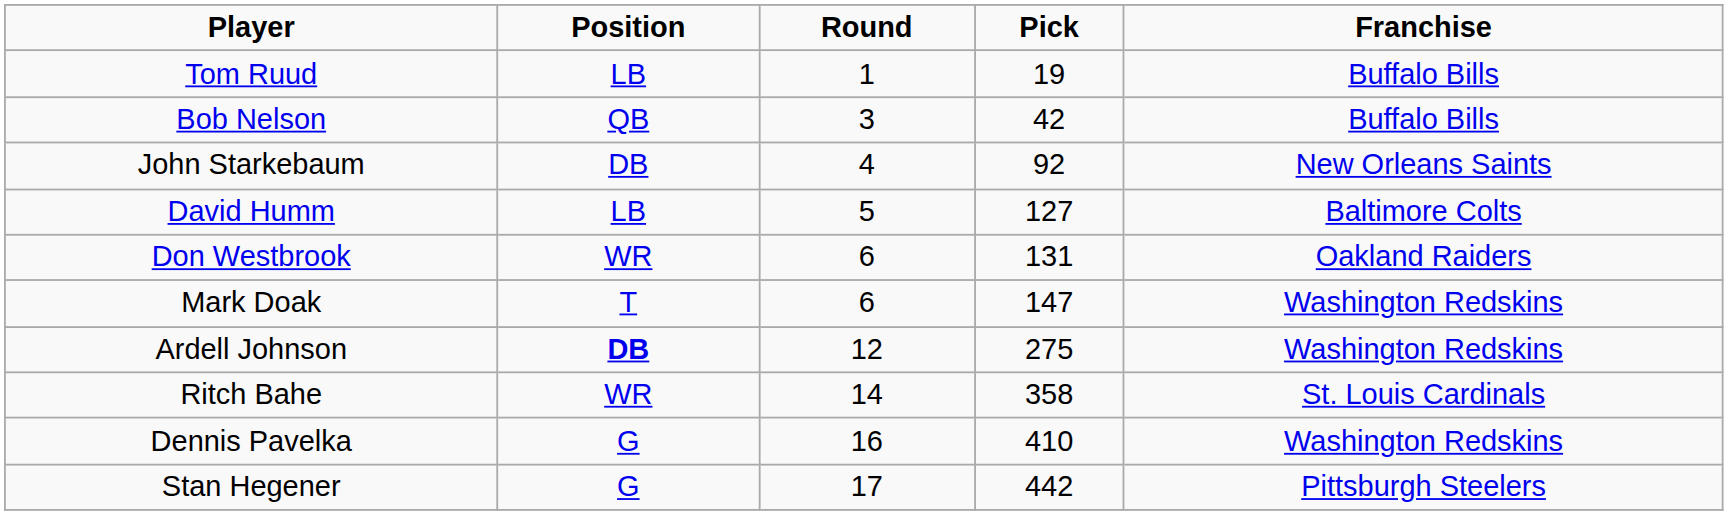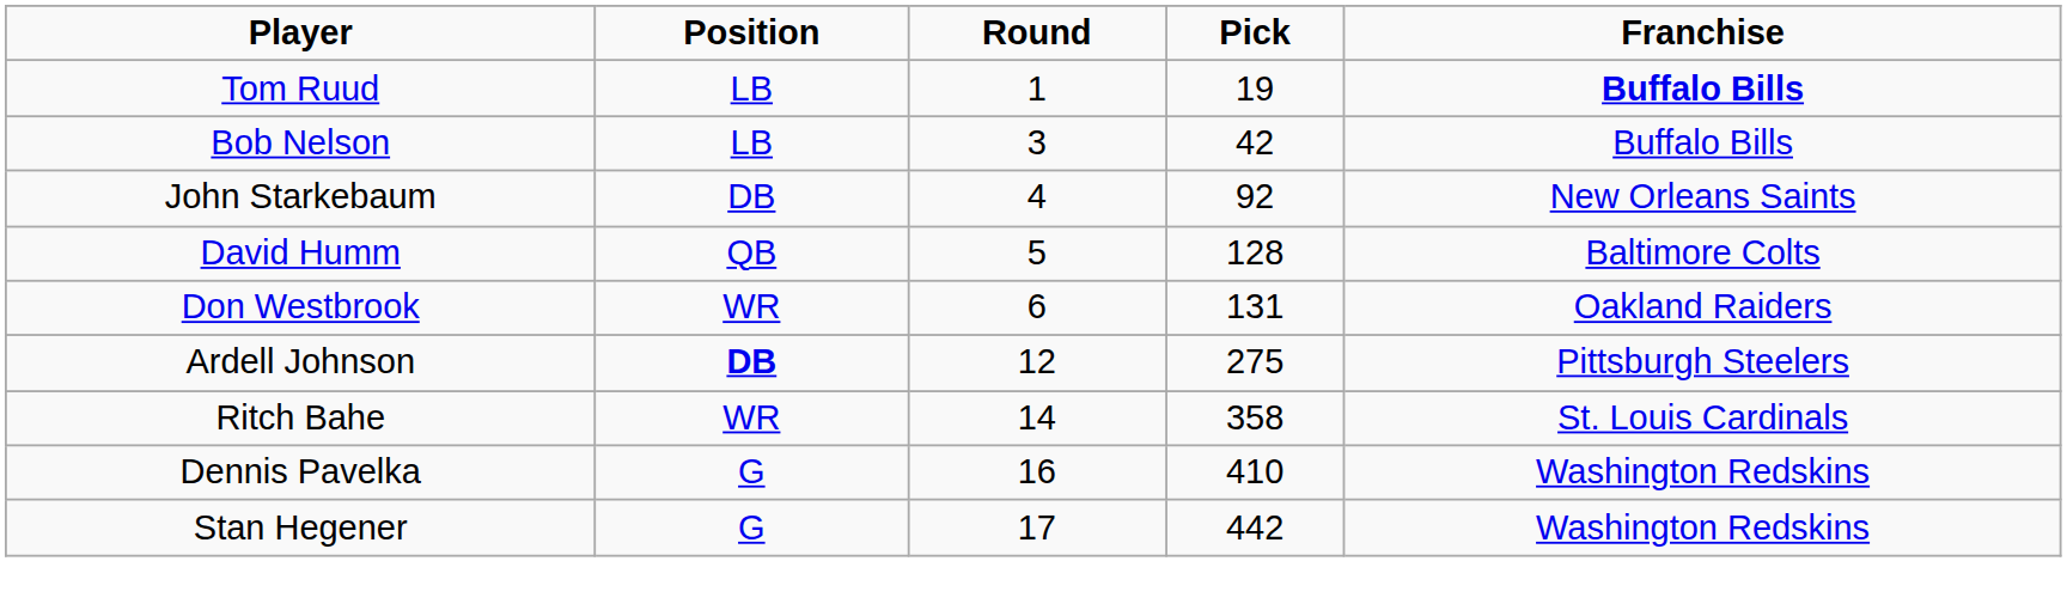 <table class="wikitable" width="60%">
 <tr align="center">
 <td><strong>Player</strong></td>
 <td><strong>Position</strong></td>
 <td><strong>Round</strong></td>
 <td><strong>Pick</strong></td>
 <td><strong>Franchise</strong></td>
 </tr>
 <tr align="center" bgcolor="">
 <td><a href='#'>Tom Ruud</a></td>
 <td><a href='#'>LB</a></td>
 <td>1</td>
 <td>19</td>
-<td><a href='#'>Buffalo Bills</a></td>
+<td><strong><a href='#'>Buffalo Bills</a></strong></td>
 </tr>
 <tr align="center" bgcolor="">
 <td><a href='#'>Bob Nelson</a></td>
-<td><a href='#'>QB</a></td>
+<td><a href='#'>LB</a></td>
 <td>3</td>
 <td>42</td>
 <td><a href='#'>Buffalo Bills</a></td>
 </tr>
 <tr align="center" bgcolor="">
 <td>John Starkebaum</td>
 <td><a href='#'>DB</a></td>
 <td>4</td>
 <td>92</td>
 <td><a href='#'>New Orleans Saints</a></td>
 </tr>
 <tr align="center" bgcolor="">
 <td><a href='#'>David Humm</a></td>
-<td><a href='#'>LB</a></td>
+<td><a href='#'>QB</a></td>
 <td>5</td>
-<td>127</td>
+<td>128</td>
 <td><a href='#'>Baltimore Colts</a></td>
 </tr>
 <tr align="center" bgcolor="">
 <td><a href='#'>Don Westbrook</a></td>
 <td><a href='#'>WR</a></td>
 <td>6</td>
 <td>131</td>
 <td><a href='#'>Oakland Raiders</a></td>
 </tr>
 <tr align="center" bgcolor="">
-<td>Mark Doak</td>
-<td><a href='#'>T</a></td>
-<td>6</td>
-<td>147</td>
-<td><a href='#'>Washington Redskins</a></td>
-</tr>
-<tr align="center" bgcolor="">
 <td>Ardell Johnson</td>
 <td><strong><a href='#'>DB</a></strong></td>
 <td>12</td>
 <td>275</td>
-<td><a href='#'>Washington Redskins</a></td>
+<td><a href='#'>Pittsburgh Steelers</a></td>
 </tr>
 <tr align="center" bgcolor="">
 <td>Ritch Bahe</td>
 <td><a href='#'>WR</a></td>
 <td>14</td>
 <td>358</td>
 <td><a href='#'>St. Louis Cardinals</a></td>
 </tr>
 <tr align="center" bgcolor="">
 <td>Dennis Pavelka</td>
 <td><a href='#'>G</a></td>
 <td>16</td>
 <td>410</td>
 <td><a href='#'>Washington Redskins</a></td>
 </tr>
 <tr align="center" bgcolor="">
 <td>Stan Hegener</td>
 <td><a href='#'>G</a></td>
 <td>17</td>
 <td>442</td>
-<td><a href='#'>Pittsburgh Steelers</a></td>
+<td><a href='#'>Washington Redskins</a></td>
 </tr>
 </table>
